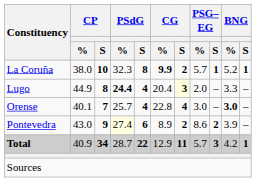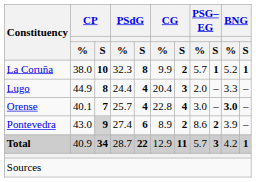 <table class="wikitable sortable" style="text-align:right; line-height:20px;">
 <tr>
 <th rowspan="3">Constituency</th>
 <th colspan="2" width="30px" class="unsortable"><a href='#'>CP</a></th>
 <th colspan="2" width="30px" class="unsortable"><a href='#'>PSdG</a></th>
 <th colspan="2" width="30px" class="unsortable"><a href='#'>CG</a></th>
 <th colspan="2" width="30px" class="unsortable"><a href='#'>PSG–EG</a></th>
 <th colspan="2" width="30px" class="unsortable"><a href='#'>BNG</a></th>
 </tr>
 <tr>
 <th colspan="2" style="background:"></th>
 <th colspan="2" style="background:"></th>
 <th colspan="2" style="background:"></th>
 <th colspan="2" style="background:"></th>
 <th colspan="2" style="background:"></th>
 </tr>
 <tr>
 <th data-sort-type="number">%</th>
 <th data-sort-type="number">S</th>
 <th data-sort-type="number">%</th>
 <th data-sort-type="number">S</th>
 <th data-sort-type="number">%</th>
 <th data-sort-type="number">S</th>
 <th data-sort-type="number">%</th>
 <th data-sort-type="number">S</th>
 <th data-sort-type="number">%</th>
 <th data-sort-type="number">S</th>
 </tr>
 <tr>
 <td align="left"><a href='#'>La Coruña</a></td>
 <td style="background:">38.0</td>
 <td><strong>10</strong></td>
 <td>32.3</td>
 <td><strong>8</strong></td>
-<td><strong>9.9</strong></td>
+<td>9.9</td>
 <td><strong>2</strong></td>
 <td>5.7</td>
 <td><strong>1</strong></td>
 <td>5.2</td>
 <td><strong>1</strong></td>
 </tr>
 <tr>
 <td align="left"><a href='#'>Lugo</a></td>
 <td style="background:">44.9</td>
 <td><strong>8</strong></td>
-<td><strong>24.4</strong></td>
+<td>24.4</td>
 <td><strong>4</strong></td>
 <td>20.4</td>
-<td style="background: lightyellow;"><strong>3</strong></td>
+<td><strong>3</strong></td>
 <td>2.0</td>
 <td>–</td>
 <td>3.3</td>
 <td>–</td>
 </tr>
 <tr>
 <td align="left"><a href='#'>Orense</a></td>
 <td style="background:">40.1</td>
 <td><strong>7</strong></td>
 <td>25.7</td>
 <td><strong>4</strong></td>
 <td>22.8</td>
 <td><strong>4</strong></td>
 <td>3.0</td>
 <td>–</td>
 <td><strong>3.0</strong></td>
 <td>–</td>
 </tr>
 <tr>
 <td align="left"><a href='#'>Pontevedra</a></td>
 <td style="background:">43.0</td>
-<td><strong>9</strong></td>
-<td style="background: lightyellow;">27.4</td>
+<td style="background: lightgrey;"><strong>9</strong></td>
+<td>27.4</td>
 <td><strong>6</strong></td>
 <td>8.9</td>
 <td><strong>2</strong></td>
 <td>8.6</td>
 <td><strong>2</strong></td>
 <td>3.9</td>
 <td>–</td>
 </tr>
 <tr style="background:#CDCDCD;">
 <td align="left"><strong>Total</strong></td>
 <td style="background:">40.9</td>
 <td><strong>34</strong></td>
 <td>28.7</td>
 <td><strong>22</strong></td>
 <td>12.9</td>
 <td><strong>11</strong></td>
 <td>5.7</td>
 <td><strong>3</strong></td>
 <td>4.2</td>
 <td><strong>1</strong></td>
 </tr>
 <tr>
 <th colspan="11"></th>
 </tr>
 <tr>
 <th style="text-align:left; font-weight:normal; background:#F9F9F9" colspan="11">Sources</th>
 </tr>
 </table>
